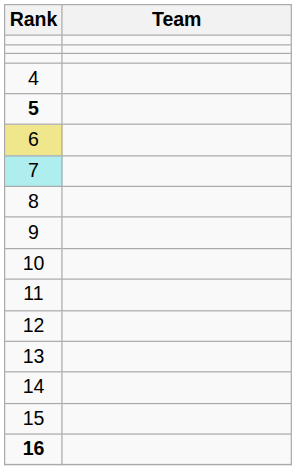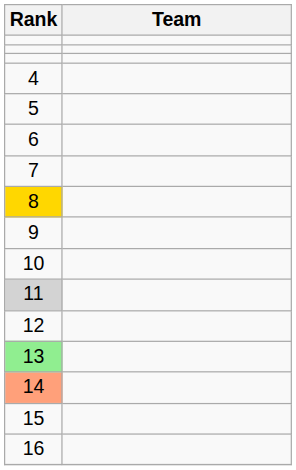 <table class="wikitable" style="text-align: center;">
 <tr>
 <th width=40>Rank</th>
 <th width=180>Team</th>
 </tr>
 <tr align=center>
 <td></td>
 <td style="text-align:left;"></td>
 </tr>
 <tr align=center>
 <td></td>
 <td style="text-align:left;"></td>
 </tr>
 <tr align=center>
 <td></td>
 <td style="text-align:left;"></td>
 </tr>
 <tr align=center>
 <td>4</td>
 <td style="text-align:left;"></td>
 </tr>
 <tr align=center>
-<td><strong>5</strong></td>
+<td>5</td>
 <td style="text-align:left;"></td>
 </tr>
 <tr align=center>
-<td style="background: khaki;">6</td>
+<td>6</td>
 <td style="text-align:left;"></td>
 </tr>
 <tr align=center>
-<td style="background: paleturquoise;">7</td>
+<td>7</td>
 <td style="text-align:left;"></td>
 </tr>
 <tr align=center>
-<td>8</td>
+<td style="background: gold;">8</td>
 <td style="text-align:left;"></td>
 </tr>
 <tr align=center>
 <td>9</td>
 <td style="text-align:left;"></td>
 </tr>
 <tr align=center>
 <td>10</td>
 <td style="text-align:left;"></td>
 </tr>
 <tr align=center>
-<td>11</td>
+<td style="background: lightgrey;">11</td>
 <td style="text-align:left;"></td>
 </tr>
 <tr align=center>
 <td>12</td>
 <td style="text-align:left;"></td>
 </tr>
 <tr align=center>
-<td>13</td>
+<td style="background: lightgreen;">13</td>
 <td style="text-align:left;"></td>
 </tr>
 <tr align=center>
-<td>14</td>
+<td style="background: lightsalmon;">14</td>
 <td style="text-align:left;"></td>
 </tr>
 <tr align=center>
 <td>15</td>
 <td style="text-align:left;"></td>
 </tr>
 <tr align=center>
-<td><strong>16</strong></td>
+<td>16</td>
 <td style="text-align:left;"></td>
 </tr>
 <tr align=center>
 </tr>
 </table>
